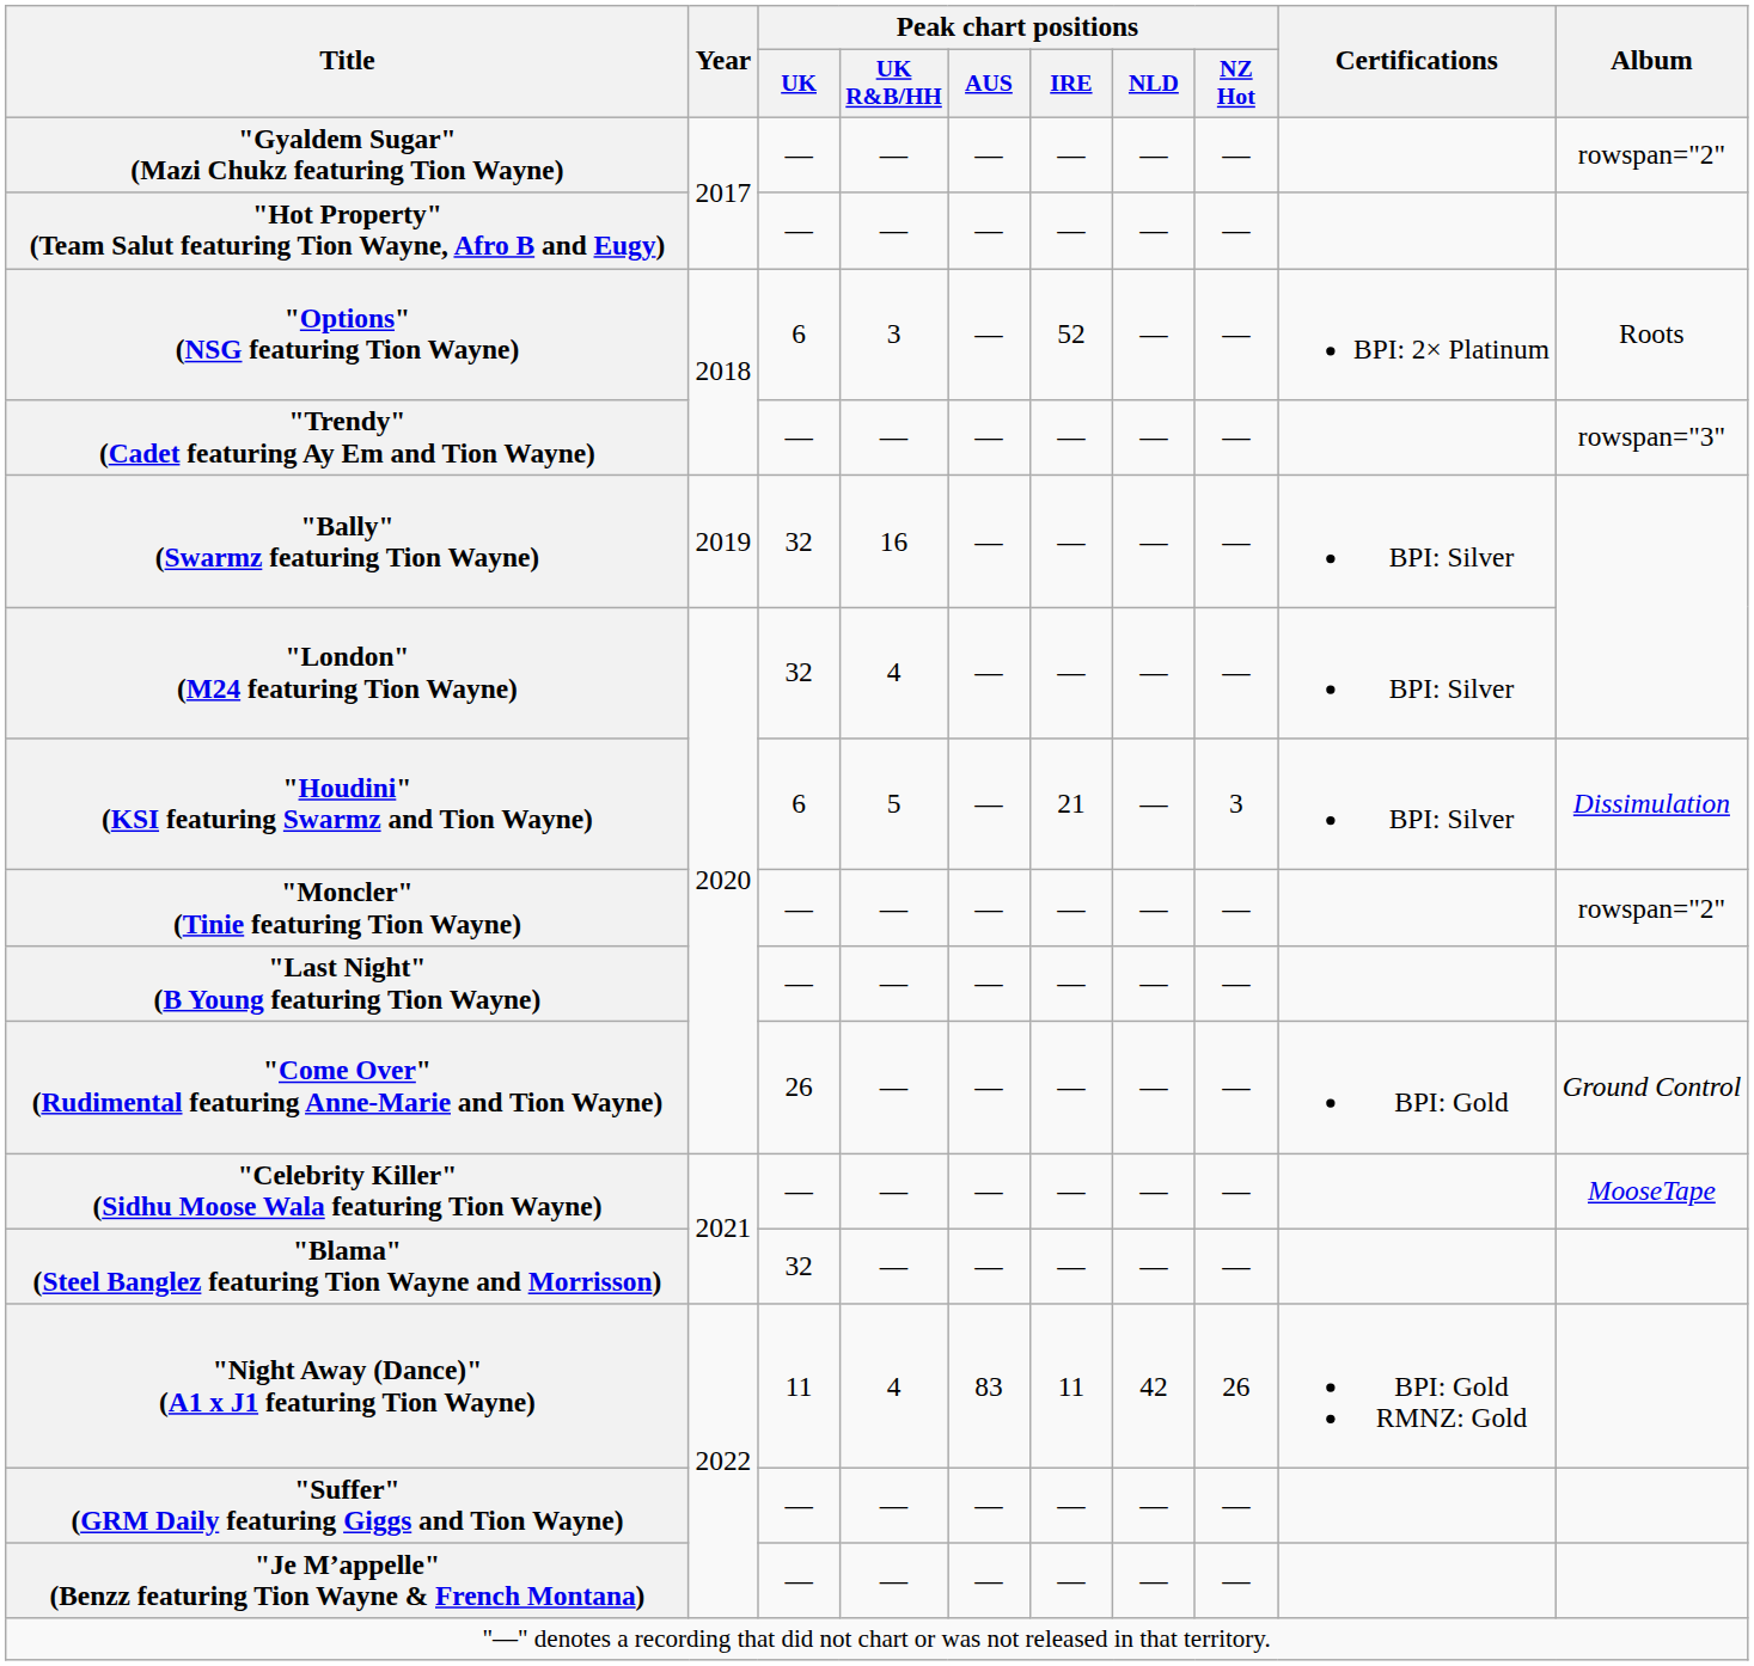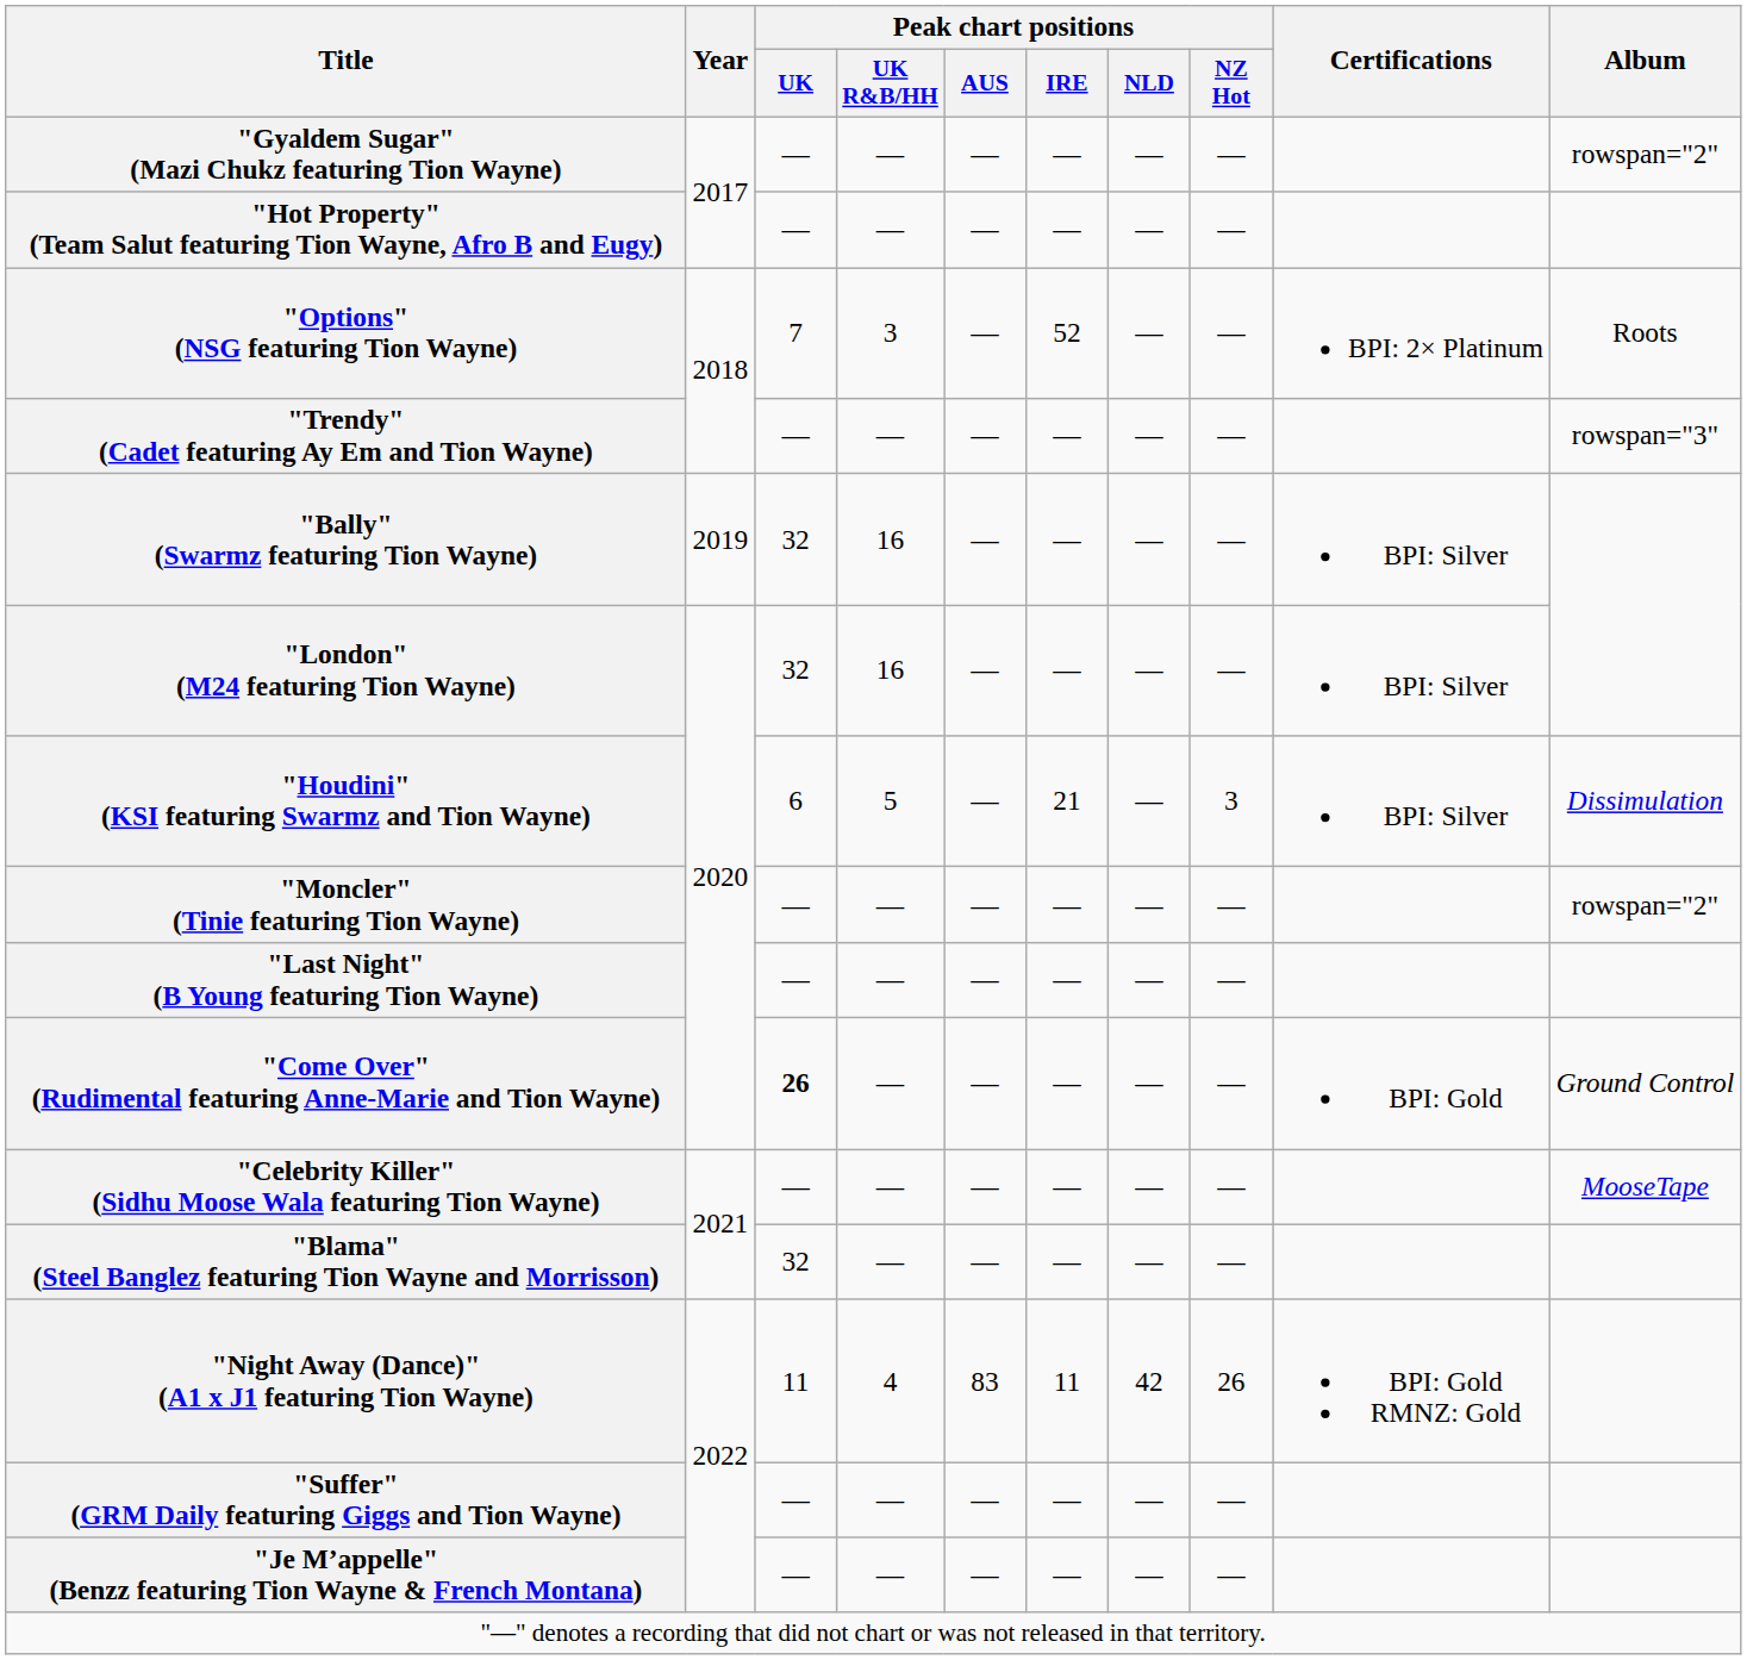 <table class="wikitable plainrowheaders" style="text-align:center;">
 <tr>
 <th scope="col" rowspan="2" style="width:24em;">Title</th>
 <th scope="col" rowspan="2" style="width:1em;">Year</th>
 <th scope="col" colspan="6">Peak chart positions</th>
 <th scope="col" rowspan="2">Certifications</th>
 <th scope="col" rowspan="2">Album</th>
 </tr>
 <tr>
 <th scope="col" style="width:3em;font-size:85%;"><a href='#'>UK</a><br></th>
 <th scope="col" style="width:3em;font-size:85%;"><a href='#'>UK<br>R&B/HH</a><br></th>
 <th scope="col" style="width:3em;font-size:85%;"><a href='#'>AUS</a><br></th>
 <th scope="col" style="width:3em;font-size:85%;"><a href='#'>IRE</a><br></th>
 <th scope="col" style="width:3em;font-size:85%;"><a href='#'>NLD</a><br></th>
 <th scope="col" style="width:3em;font-size:85%;"><a href='#'>NZ<br>Hot</a><br></th>
 </tr>
 <tr>
 <th scope="row">"Gyaldem Sugar"<br><span>(Mazi Chukz featuring Tion Wayne)</span></th>
 <td rowspan="2">2017</td>
 <td>—</td>
 <td>—</td>
 <td>—</td>
 <td>—</td>
 <td>—</td>
 <td>—</td>
 <td></td>
 <td>rowspan="2" </td>
 </tr>
 <tr>
 <th scope="row">"Hot Property"<br><span>(Team Salut featuring Tion Wayne, <a href='#'>Afro B</a> and <a href='#'>Eugy</a>)</span></th>
 <td>—</td>
 <td>—</td>
 <td>—</td>
 <td>—</td>
 <td>—</td>
 <td>—</td>
 <td></td>
 </tr>
 <tr>
 <th scope="row">"<a href='#'>Options</a>"<br><span>(<a href='#'>NSG</a> featuring Tion Wayne)</span></th>
 <td rowspan="2">2018</td>
-<td>6</td>
+<td>7</td>
 <td>3</td>
 <td>—</td>
 <td>52</td>
 <td>—</td>
 <td>—</td>
 <td><br><ul><li>BPI: 2× Platinum</li></ul></td>
 <td>Roots</td>
 </tr>
 <tr>
 <th scope="row">"Trendy"<br><span>(<a href='#'>Cadet</a> featuring Ay Em and Tion Wayne)</span></th>
 <td>—</td>
 <td>—</td>
 <td>—</td>
 <td>—</td>
 <td>—</td>
 <td>—</td>
 <td></td>
 <td>rowspan="3" </td>
 </tr>
 <tr>
 <th scope="row">"Bally"<br><span>(<a href='#'>Swarmz</a> featuring Tion Wayne)</span></th>
 <td>2019</td>
 <td>32</td>
 <td>16</td>
 <td>—</td>
 <td>—</td>
 <td>—</td>
 <td>—</td>
 <td><br><ul><li>BPI: Silver</li></ul></td>
 </tr>
 <tr>
 <th scope="row">"London"<br><span>(<a href='#'>M24</a> featuring Tion Wayne)</span></th>
 <td rowspan="5">2020</td>
 <td>32</td>
-<td>4</td>
+<td>16</td>
 <td>—</td>
 <td>—</td>
 <td>—</td>
 <td>—</td>
 <td><br><ul><li>BPI: Silver</li></ul></td>
 </tr>
 <tr>
 <th scope="row">"<a href='#'>Houdini</a>"<br><span>(<a href='#'>KSI</a> featuring <a href='#'>Swarmz</a> and Tion Wayne)</span></th>
 <td>6</td>
 <td>5</td>
 <td>—</td>
 <td>21<br></td>
 <td>—</td>
 <td>3</td>
 <td><br><ul><li>BPI: Silver</li></ul></td>
 <td><em><a href='#'>Dissimulation</a></em></td>
 </tr>
 <tr>
 <th scope="row">"Moncler"<br><span>(<a href='#'>Tinie</a> featuring Tion Wayne)</span></th>
 <td>—</td>
 <td>—</td>
 <td>—</td>
 <td>—</td>
 <td>—</td>
 <td>—</td>
 <td></td>
 <td>rowspan="2" </td>
 </tr>
 <tr>
 <th scope="row">"Last Night"<br><span>(<a href='#'>B Young</a> featuring Tion Wayne)</span></th>
 <td>—</td>
 <td>—</td>
 <td>—</td>
 <td>—</td>
 <td>—</td>
 <td>—</td>
 <td></td>
 </tr>
 <tr>
 <th scope="row">"<a href='#'>Come Over</a>"<br><span>(<a href='#'>Rudimental</a> featuring <a href='#'>Anne-Marie</a> and Tion Wayne)</span></th>
-<td>26</td>
+<td><strong>26</strong></td>
 <td>—</td>
 <td>—</td>
 <td>—</td>
 <td>—</td>
 <td>—</td>
 <td><br><ul><li>BPI: Gold</li></ul></td>
 <td><em>Ground Control</em></td>
 </tr>
 <tr>
 <th scope="row">"Celebrity Killer"<br><span>(<a href='#'>Sidhu Moose Wala</a> featuring Tion Wayne)</span></th>
 <td rowspan="2">2021</td>
 <td>—</td>
 <td>—</td>
 <td>—</td>
 <td>—</td>
 <td>—</td>
 <td>—</td>
 <td></td>
 <td><em><a href='#'>MooseTape</a></em></td>
 </tr>
 <tr>
 <th scope="row">"Blama"<br><span>(<a href='#'>Steel Banglez</a> featuring Tion Wayne and <a href='#'>Morrisson</a>)</span></th>
 <td>32</td>
 <td>—</td>
 <td>—</td>
 <td>—</td>
 <td>—</td>
 <td>—</td>
 <td></td>
 <td></td>
 </tr>
 <tr>
 <th scope="row">"Night Away (Dance)"<br><span>(<a href='#'>A1 x J1</a> featuring Tion Wayne)</span></th>
 <td rowspan="3">2022</td>
 <td>11</td>
 <td>4</td>
 <td>83</td>
 <td>11</td>
 <td>42</td>
 <td>26</td>
 <td><br><ul><li>BPI: Gold</li><li>RMNZ: Gold</li></ul></td>
 <td></td>
 </tr>
 <tr>
 <th scope="row">"Suffer"<br><span>(<a href='#'>GRM Daily</a> featuring <a href='#'>Giggs</a> and Tion Wayne)</span></th>
 <td>—</td>
 <td>—</td>
 <td>—</td>
 <td>—</td>
 <td>—</td>
 <td>—</td>
 <td></td>
 <td></td>
 </tr>
 <tr>
 <th scope="row">"Je M’appelle"<br><span>(Benzz featuring Tion Wayne & <a href='#'>French Montana</a>)</span></th>
 <td>—</td>
 <td>—</td>
 <td>—</td>
 <td>—</td>
 <td>—</td>
 <td>—</td>
 <td></td>
 <td></td>
 </tr>
 <tr>
 <td colspan="14" style="font-size:90%">"—" denotes a recording that did not chart or was not released in that territory.</td>
 </tr>
 </table>
